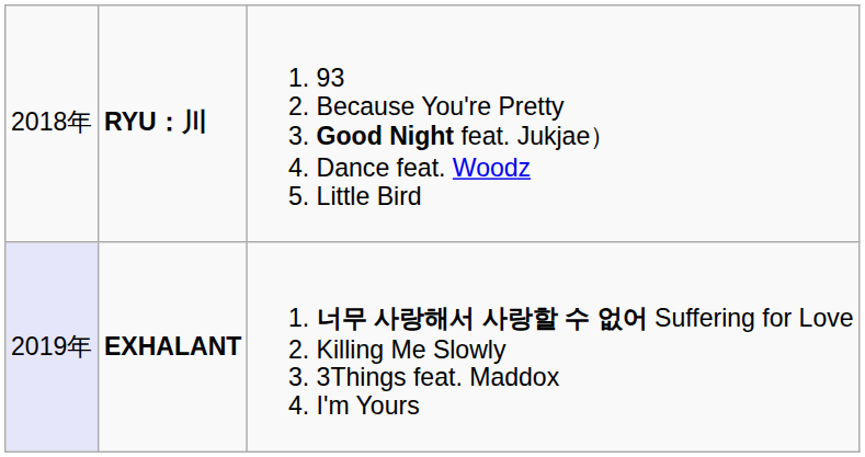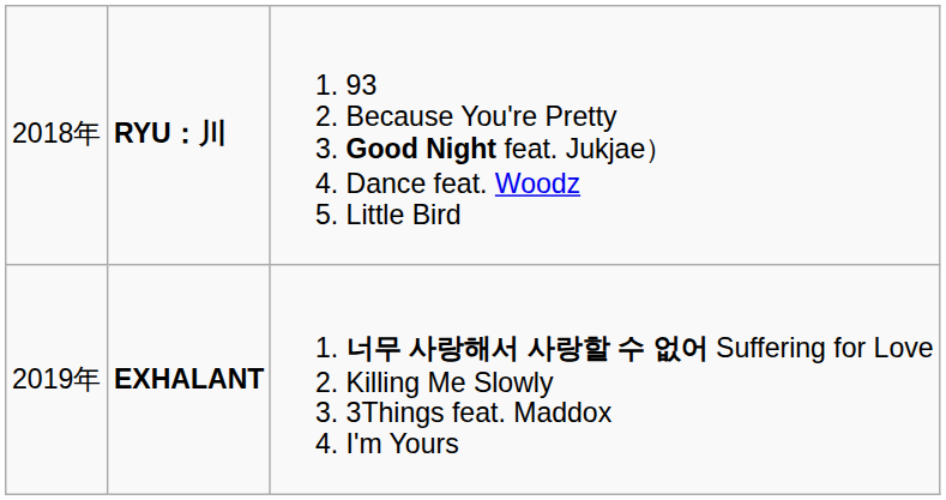 <table class="wikitable">
 <tr>
 <td>2018年</td>
 <td><strong>RYU：川</strong></td>
 <td><br><ol><li>93</li><li>Because You're Pretty</li><li><strong>Good Night</strong> feat. Jukjae）</li><li>Dance feat. <a href='#'>Woodz</a></li><li>Little Bird</li></ol></td>
 </tr>
 <tr>
-<td style="background: lavender;">2019年</td>
+<td>2019年</td>
 <td><strong>EXHALANT</strong></td>
 <td><br><ol><li><strong>너무 사랑해서 사랑할 수 없어</strong> Suffering for Love</li><li>Killing Me Slowly</li><li>3Things feat. Maddox</li><li>I'm Yours</li></ol></td>
 </tr>
 </table>
